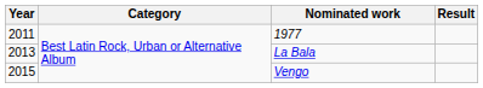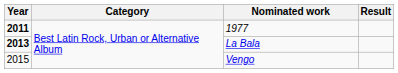 <table class="wikitable plainrowheaders" style="width:70%">
 <tr>
 <th scope="col" style="width:4%;">Year</th>
 <th scope="col" style="width:50%;">Category</th>
 <th scope="col" style="width:35%;">Nominated work</th>
 <th scope="col" style="width:6%;">Result</th>
 </tr>
 <tr>
-<td style="text-align:center;">2011</td>
+<td style="text-align:center;"><strong>2011</strong></td>
 <td rowspan="3"><a href='#'>Best Latin Rock, Urban or Alternative Album</a></td>
 <td><em>1977</em></td>
 <td></td>
 </tr>
 <tr>
-<td style="text-align:center;">2013</td>
+<td style="text-align:center;"><strong>2013</strong></td>
 <td><em><a href='#'>La Bala</a></em></td>
 <td></td>
 </tr>
 <tr>
 <td style="text-align:center;">2015</td>
 <td><em><a href='#'>Vengo</a></em></td>
 <td></td>
 </tr>
 </table>
